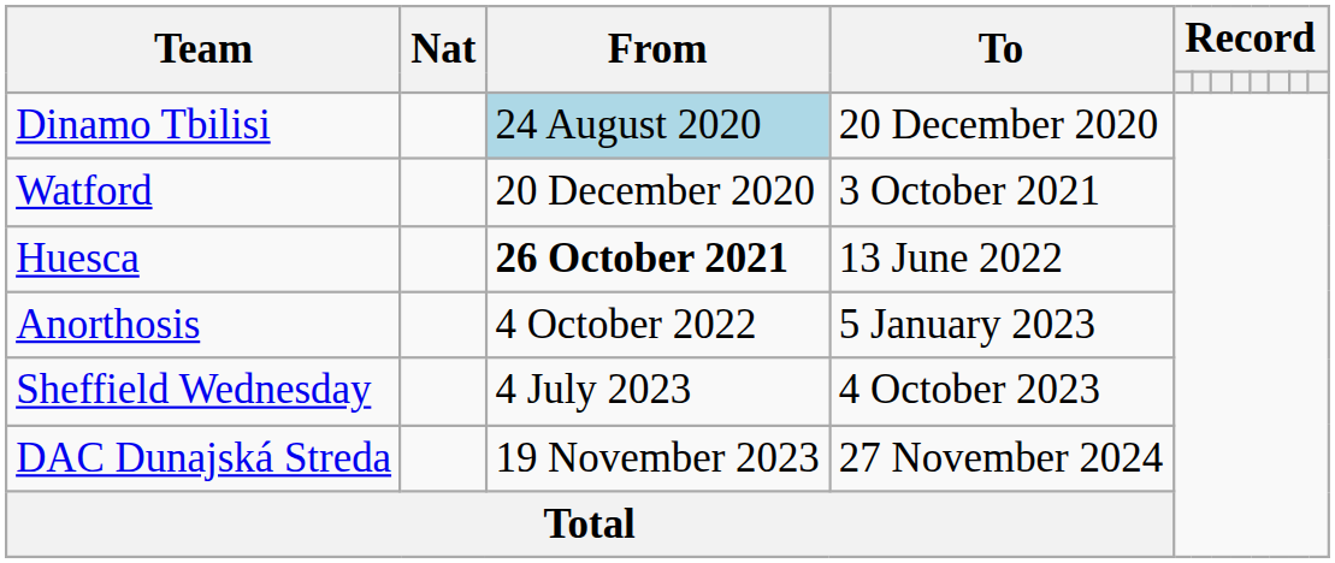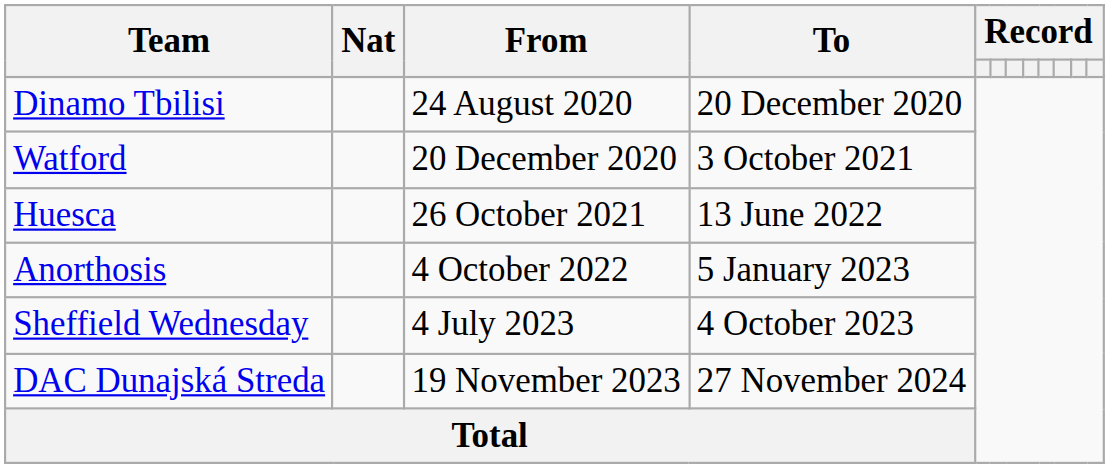 <table class="wikitable" style="text-align: center">
 <tr>
 <th rowspan="2">Team</th>
 <th rowspan="2">Nat</th>
 <th rowspan="2">From</th>
 <th rowspan="2">To</th>
 <th colspan="8">Record</th>
 </tr>
 <tr>
 <th></th>
 <th></th>
 <th></th>
 <th></th>
 <th></th>
 <th></th>
 <th></th>
 <th></th>
 </tr>
 <tr>
 <td align=left><a href='#'>Dinamo Tbilisi</a></td>
 <td></td>
-<td align=left style="background: lightblue;">24 August 2020</td>
+<td align=left>24 August 2020</td>
 <td align=left>20 December 2020<br></td>
 </tr>
 <tr>
 <td align=left><a href='#'>Watford</a></td>
 <td></td>
 <td align=left>20 December 2020</td>
 <td align=left>3 October 2021<br></td>
 </tr>
 <tr>
 <td align="left"><a href='#'>Huesca</a></td>
 <td></td>
-<td align=left><strong>26 October 2021</strong></td>
+<td align=left>26 October 2021</td>
 <td align=left>13 June 2022<br></td>
 </tr>
 <tr>
 <td align="left"><a href='#'>Anorthosis</a></td>
 <td></td>
 <td align=left>4 October 2022</td>
 <td align=left>5 January 2023<br></td>
 </tr>
 <tr>
 <td align="left"><a href='#'>Sheffield Wednesday</a></td>
 <td></td>
 <td align=left>4 July 2023</td>
 <td align=left>4 October 2023<br></td>
 </tr>
 <tr>
 <td align="left"><a href='#'>DAC Dunajská Streda</a></td>
 <td></td>
 <td align=left>19 November 2023</td>
 <td align=left>27 November 2024<br></td>
 </tr>
 <tr>
 <th colspan="4">Total<br></th>
 </tr>
 </table>
